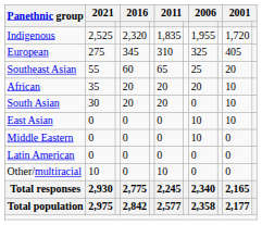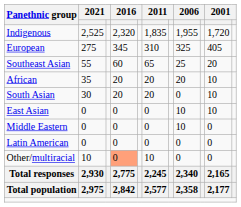 <table class="wikitable collapsible sortable">
 <tr>
 <th rowspan="2"><a href='#'>Panethnic</a> group</th>
 <th colspan="2">2021</th>
 <th colspan="2">2016</th>
 <th colspan="2">2011</th>
 <th colspan="2">2006</th>
 <th colspan="2">2001</th>
 </tr>
 <tr>
 <th><a href='#'></a></th>
 <th></th>
 <th></th>
 <th></th>
 <th></th>
 <th></th>
 <th></th>
 <th></th>
 <th></th>
 <th></th>
 </tr>
 <tr>
 <td><a href='#'>Indigenous</a></td>
 <td>2,525</td>
 <td></td>
 <td>2,320</td>
 <td></td>
 <td>1,835</td>
 <td></td>
 <td>1,955</td>
 <td></td>
 <td>1,720</td>
 <td></td>
 </tr>
 <tr>
 <td><a href='#'>European</a></td>
 <td>275</td>
 <td></td>
 <td>345</td>
 <td></td>
 <td>310</td>
 <td></td>
 <td>325</td>
 <td></td>
 <td>405</td>
 <td></td>
 </tr>
 <tr>
 <td><a href='#'>Southeast Asian</a></td>
 <td>55</td>
 <td></td>
 <td>60</td>
 <td></td>
 <td>65</td>
 <td></td>
 <td>25</td>
 <td></td>
 <td>20</td>
 <td></td>
 </tr>
 <tr>
 <td><a href='#'>African</a></td>
 <td>35</td>
 <td></td>
 <td>20</td>
 <td></td>
 <td>20</td>
 <td></td>
 <td>20</td>
 <td></td>
 <td>10</td>
 <td></td>
 </tr>
 <tr>
 <td><a href='#'>South Asian</a></td>
 <td>30</td>
 <td></td>
 <td>20</td>
 <td></td>
 <td>20</td>
 <td></td>
 <td>0</td>
 <td></td>
 <td>10</td>
 <td></td>
 </tr>
 <tr>
 <td><a href='#'>East Asian</a></td>
 <td>0</td>
 <td></td>
 <td>0</td>
 <td></td>
 <td>0</td>
 <td></td>
 <td>10</td>
 <td></td>
 <td>10</td>
 <td></td>
 </tr>
 <tr>
 <td><a href='#'>Middle Eastern</a></td>
 <td>0</td>
 <td></td>
 <td>0</td>
 <td></td>
 <td>0</td>
 <td></td>
 <td>10</td>
 <td></td>
 <td>0</td>
 <td></td>
 </tr>
 <tr>
 <td><a href='#'>Latin American</a></td>
 <td>0</td>
 <td></td>
 <td>0</td>
 <td></td>
 <td>0</td>
 <td></td>
 <td>0</td>
 <td></td>
 <td>0</td>
 <td></td>
 </tr>
 <tr>
 <td>Other/<a href='#'>multiracial</a></td>
 <td>10</td>
 <td></td>
-<td>0</td>
+<td style="background: lightsalmon;">0</td>
 <td></td>
 <td>10</td>
 <td></td>
 <td>0</td>
 <td></td>
 <td>0</td>
 <td></td>
 </tr>
 <tr>
 <th>Total responses</th>
 <th>2,930</th>
 <th></th>
 <th>2,775</th>
 <th></th>
 <th>2,245</th>
 <th></th>
 <th>2,340</th>
 <th></th>
 <th>2,165</th>
 <th></th>
 </tr>
 <tr class="sortbottom">
 <th>Total population</th>
 <th>2,975</th>
 <th></th>
 <th>2,842</th>
 <th></th>
 <th>2,577</th>
 <th></th>
 <th>2,358</th>
 <th></th>
 <th>2,177</th>
 <th></th>
 </tr>
 <tr class="sortbottom">
 <td colspan="11"></td>
 </tr>
 </table>
